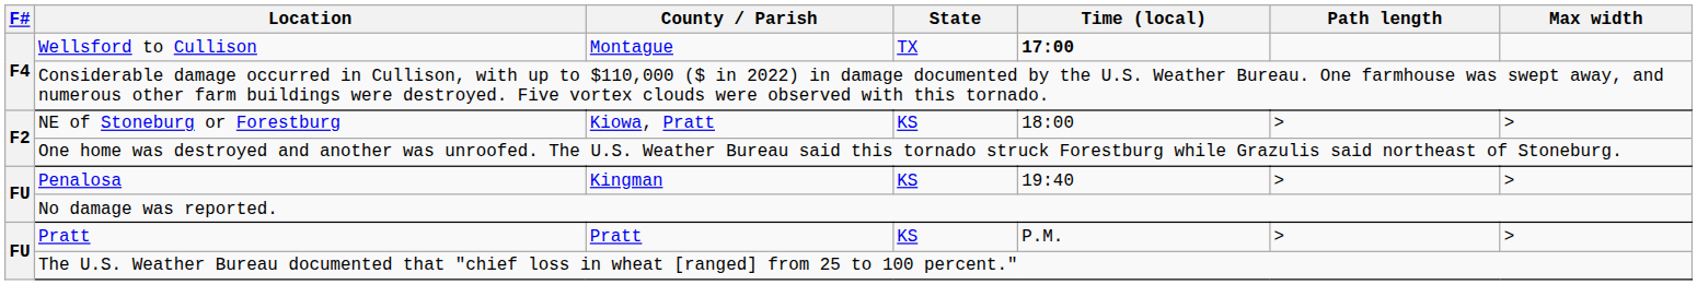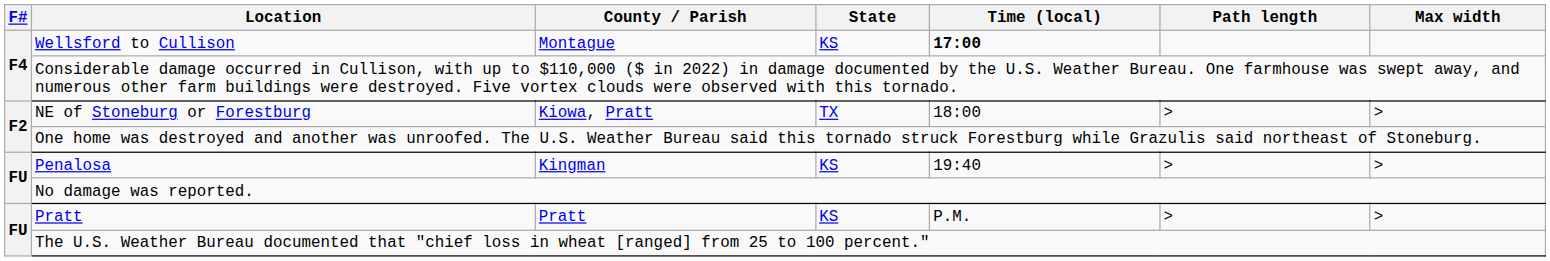 <table class="wikitable sortable" style="width:100%;">
 <tr>
 <th scope="col" align="center"><a href='#'>F#</a><br></th>
 <th scope="col" align="center" class="unsortable">Location</th>
 <th scope="col" align="center" class="unsortable">County / Parish</th>
 <th scope="col" align="center">State</th>
 <th scope="col" align="center">Time (local)</th>
 <th scope="col" align="center">Path length</th>
 <th scope="col" align="center">Max width</th>
 </tr>
 <tr>
 <th scope="row" rowspan="2" style="background-color:#">F4</th>
 <td><a href='#'>Wellsford</a> to <a href='#'>Cullison</a></td>
 <td><a href='#'>Montague</a></td>
-<td><a href='#'>TX</a></td>
+<td><a href='#'>KS</a></td>
 <td><strong>17:00</strong></td>
 <td></td>
 <td></td>
 </tr>
 <tr class="expand-child">
 <td colspan="6" style="border-bottom: 1px solid black;">Considerable damage occurred in Cullison, with up to $110,000 ($ in 2022) in damage documented by the U.S. Weather Bureau. One farmhouse was swept away, and numerous other farm buildings were destroyed. Five vortex clouds were observed with this tornado.</td>
 </tr>
 <tr>
 <th scope="row" rowspan="2" style="background-color:#">F2</th>
 <td>NE of <a href='#'>Stoneburg</a> or <a href='#'>Forestburg</a></td>
 <td><a href='#'>Kiowa</a>, <a href='#'>Pratt</a></td>
-<td><a href='#'>KS</a></td>
+<td><a href='#'>TX</a></td>
 <td>18:00</td>
 <td>></td>
 <td>></td>
 </tr>
 <tr class="expand-child">
 <td colspan="6" style="border-bottom: 1px solid black;">One home was destroyed and another was unroofed. The U.S. Weather Bureau said this tornado struck Forestburg while Grazulis said northeast of Stoneburg.</td>
 </tr>
 <tr>
 <th scope="row" rowspan="2" style="background-color:#">FU</th>
 <td><a href='#'>Penalosa</a></td>
 <td><a href='#'>Kingman</a></td>
 <td><a href='#'>KS</a></td>
 <td>19:40</td>
 <td>></td>
 <td>></td>
 </tr>
 <tr class="expand-child">
 <td colspan="6" style="border-bottom: 1px solid black;">No damage was reported.</td>
 </tr>
 <tr>
 <th scope="row" rowspan="2" style="background-color:#">FU</th>
 <td><a href='#'>Pratt</a></td>
 <td><a href='#'>Pratt</a></td>
 <td><a href='#'>KS</a></td>
 <td>P.M.</td>
 <td>></td>
 <td>></td>
 </tr>
 <tr class="expand-child">
 <td colspan="6" style="border-bottom: 1px solid black;">The U.S. Weather Bureau documented that "chief loss in wheat [ranged] from 25 to 100 percent."</td>
 </tr>
 </table>
